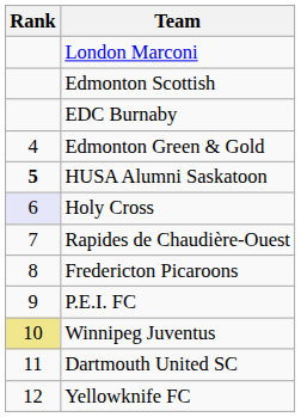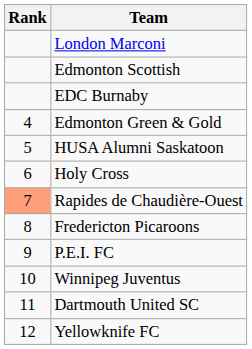 <table class="wikitable">
 <tr>
 <th>Rank</th>
 <th>Team</th>
 </tr>
 <tr>
 <td align=center></td>
 <td> <a href='#'>London Marconi</a></td>
 </tr>
 <tr>
 <td align=center></td>
 <td> Edmonton Scottish</td>
 </tr>
 <tr>
 <td align=center></td>
 <td> EDC Burnaby</td>
 </tr>
 <tr>
 <td align=center>4</td>
 <td> Edmonton Green & Gold</td>
 </tr>
 <tr>
-<td align=center><strong>5</strong></td>
+<td align=center>5</td>
 <td> HUSA Alumni Saskatoon</td>
 </tr>
 <tr>
-<td align=center style="background: lavender;">6</td>
+<td align=center>6</td>
 <td> Holy Cross</td>
 </tr>
 <tr>
-<td align=center>7</td>
+<td align=center style="background: lightsalmon;">7</td>
 <td> Rapides de Chaudière-Ouest</td>
 </tr>
 <tr>
 <td align=center>8</td>
 <td> Fredericton Picaroons</td>
 </tr>
 <tr>
 <td align=center>9</td>
 <td> P.E.I. FC</td>
 </tr>
 <tr>
-<td align=center style="background: khaki;">10</td>
+<td align=center>10</td>
 <td> Winnipeg Juventus</td>
 </tr>
 <tr>
 <td align=center>11</td>
 <td> Dartmouth United SC</td>
 </tr>
 <tr>
 <td align=center>12</td>
 <td> Yellowknife FC</td>
 </tr>
 </table>
